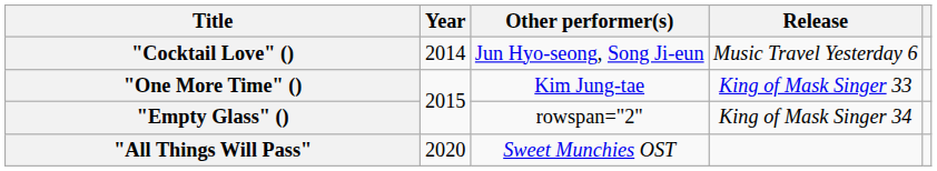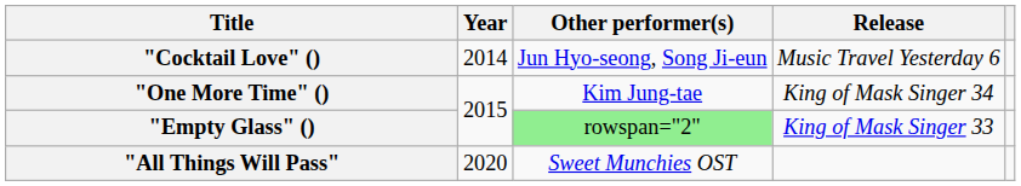 <table class="wikitable plainrowheaders" style="text-align:center;" border="1">
 <tr>
 <th scope="col" style="width:20em;">Title</th>
 <th scope="col">Year</th>
 <th scope="col">Other performer(s)</th>
 <th scope="col">Release</th>
 <th scope="col"></th>
 </tr>
 <tr>
 <th scope="row">"Cocktail Love" ()</th>
 <td>2014</td>
 <td><a href='#'>Jun Hyo-seong</a>, <a href='#'>Song Ji-eun</a></td>
 <td><em>Music Travel Yesterday 6</em></td>
 <td></td>
 </tr>
 <tr>
 <th scope="row">"One More Time" ()</th>
 <td rowspan="2">2015</td>
 <td><a href='#'>Kim Jung-tae</a></td>
-<td><em><a href='#'>King of Mask Singer</a> 33</em></td>
+<td><em>King of Mask Singer 34</em></td>
 <td></td>
 </tr>
 <tr>
 <th scope="row">"Empty Glass" ()</th>
-<td>rowspan="2" </td>
-<td><em>King of Mask Singer 34</em></td>
+<td style="background: lightgreen;">rowspan="2" </td>
+<td><em><a href='#'>King of Mask Singer</a> 33</em></td>
 <td></td>
 </tr>
 <tr>
 <th scope="row">"All Things Will Pass"</th>
 <td>2020</td>
 <td><em><a href='#'>Sweet Munchies</a> OST</em></td>
 <td></td>
 </tr>
 </table>
